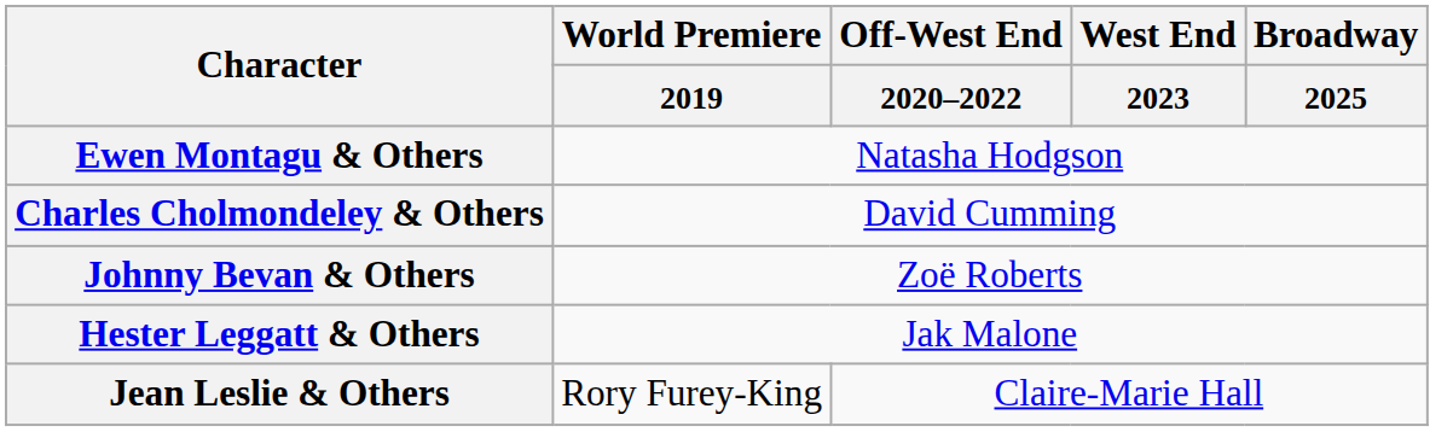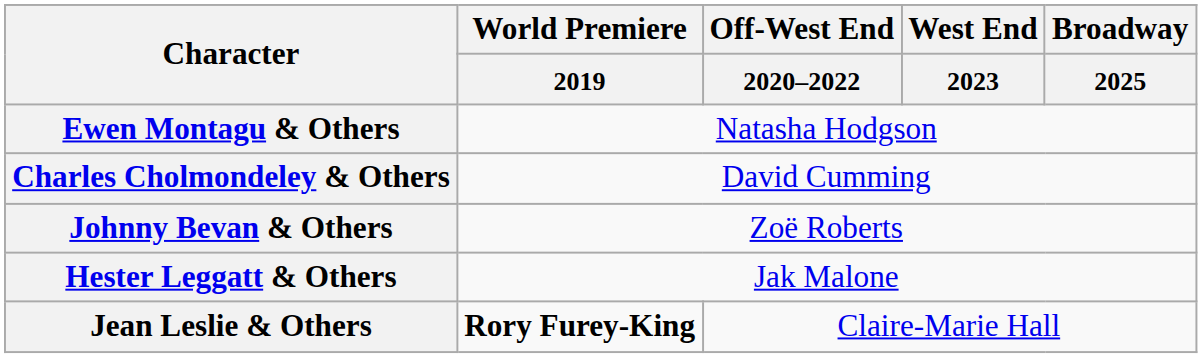 <table class="wikitable">
 <tr>
 <th rowspan="2">Character</th>
 <th>World Premiere</th>
 <th>Off-West End</th>
 <th>West End</th>
 <th>Broadway</th>
 </tr>
 <tr>
 <th><small>2019</small></th>
 <th><small>2020–2022</small></th>
 <th><small>2023</small></th>
 <th><small>2025</small></th>
 </tr>
 <tr>
 <th><a href='#'>Ewen Montagu</a> & Others</th>
 <td colspan="4" style="text-align:center;"><a href='#'>Natasha Hodgson</a></td>
 </tr>
 <tr>
 <th><a href='#'>Charles Cholmondeley</a> & Others</th>
 <td colspan="4" style="text-align:center;"><a href='#'>David Cumming</a></td>
 </tr>
 <tr>
 <th><a href='#'>Johnny Bevan</a> & Others</th>
 <td colspan="4" style="text-align:center;"><a href='#'>Zoë Roberts</a></td>
 </tr>
 <tr>
 <th><a href='#'>Hester Leggatt</a> & Others</th>
 <td colspan="4" style="text-align:center;"><a href='#'>Jak Malone</a></td>
 </tr>
 <tr>
 <th>Jean Leslie & Others</th>
-<td style="text-align:center;">Rory Furey-King</td>
+<td style="text-align:center;"><strong>Rory Furey-King</strong></td>
 <td colspan="3" style="text-align:center;"><a href='#'>Claire-Marie Hall</a></td>
 </tr>
 </table>
